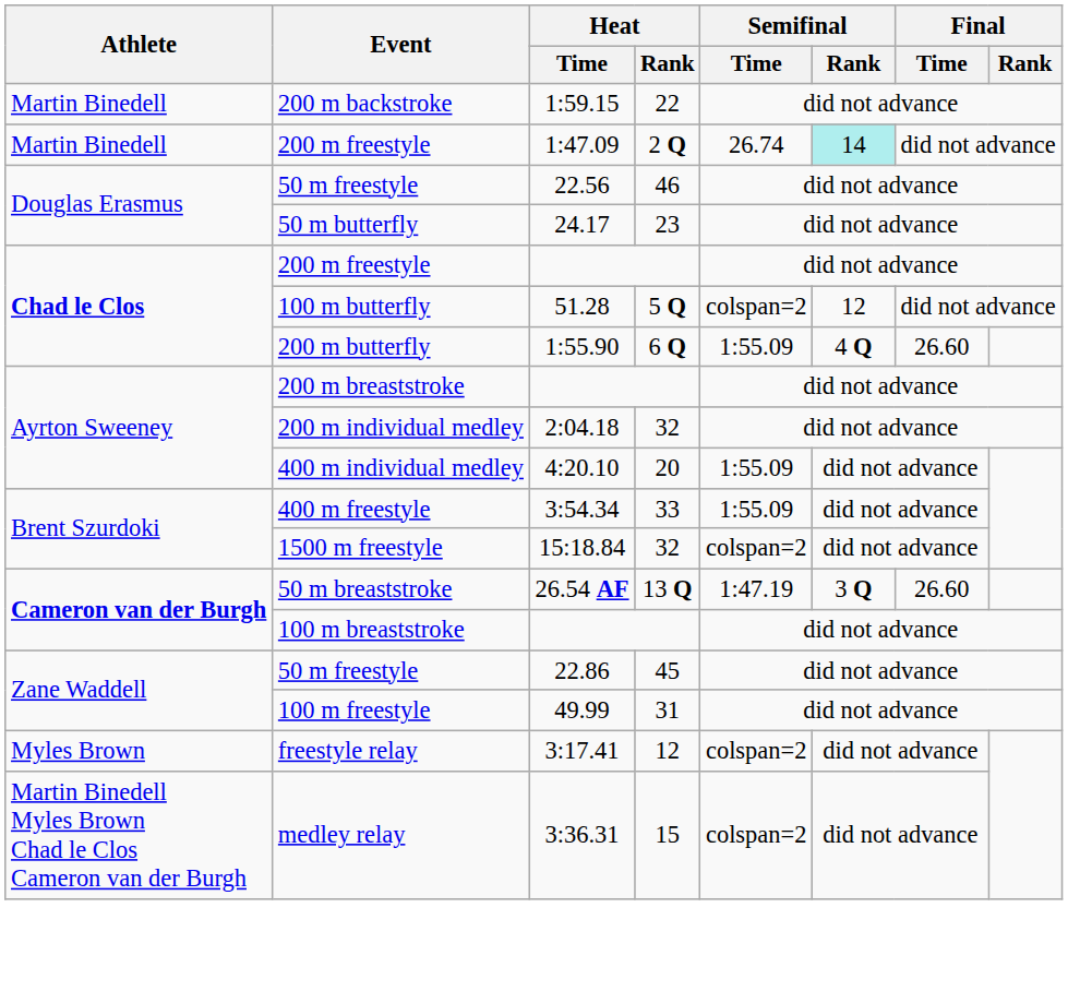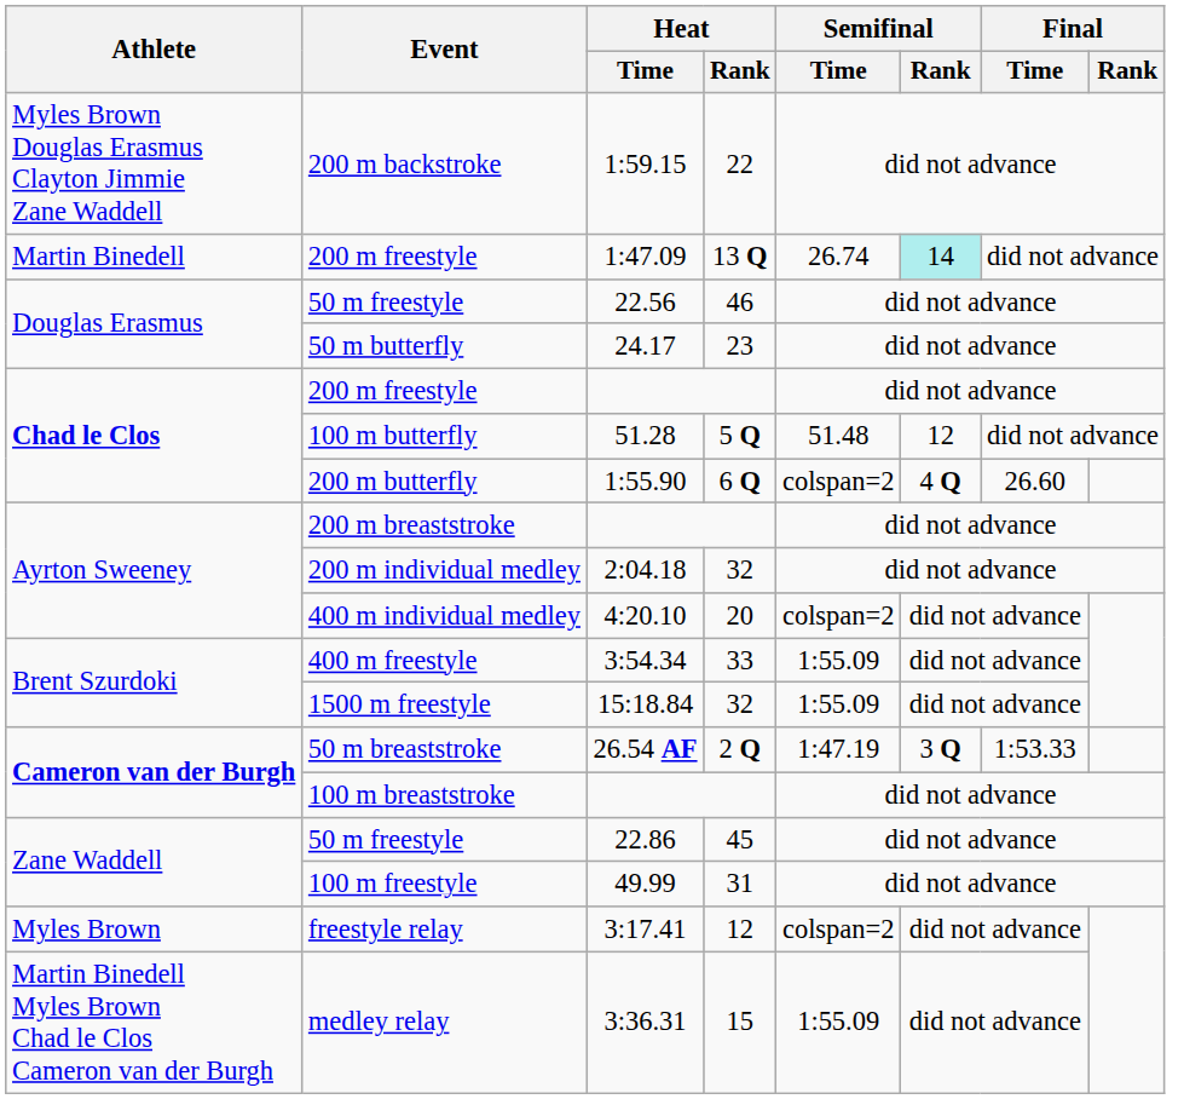 <table class=wikitable style="font-size:90%">
 <tr>
 <th rowspan="2">Athlete</th>
 <th rowspan="2">Event</th>
 <th colspan="2">Heat</th>
 <th colspan="2">Semifinal</th>
 <th colspan="2">Final</th>
 </tr>
 <tr style="font-size:95%">
 <th>Time</th>
 <th>Rank</th>
 <th>Time</th>
 <th>Rank</th>
 <th>Time</th>
 <th>Rank</th>
 </tr>
 <tr align=center>
-<td align=left><a href='#'>Martin Binedell</a></td>
+<td align=left><a href='#'>Myles Brown</a><br><a href='#'>Douglas Erasmus</a><br><a href='#'>Clayton Jimmie</a><br><a href='#'>Zane Waddell</a></td>
 <td align=left><a href='#'>200 m backstroke</a></td>
 <td>1:59.15</td>
 <td>22</td>
 <td colspan=4>did not advance</td>
 </tr>
 <tr align=center>
 <td align=left><a href='#'>Martin Binedell</a></td>
 <td align=left><a href='#'>200 m freestyle</a></td>
 <td>1:47.09</td>
-<td>2 <strong>Q</strong></td>
+<td>13 <strong>Q</strong></td>
 <td>26.74</td>
 <td style="background: paleturquoise;">14</td>
 <td colspan=2>did not advance</td>
 </tr>
 <tr align=center>
 <td align=left rowspan=2><a href='#'>Douglas Erasmus</a></td>
 <td align=left><a href='#'>50 m freestyle</a></td>
 <td>22.56</td>
 <td>46</td>
 <td colspan=4>did not advance</td>
 </tr>
 <tr align=center>
 <td align=left><a href='#'>50 m butterfly</a></td>
 <td>24.17</td>
 <td>23</td>
 <td colspan=4>did not advance</td>
 </tr>
 <tr align=center>
 <td align=left rowspan=3><strong><a href='#'>Chad le Clos</a></strong></td>
 <td align=left><a href='#'>200 m freestyle</a></td>
 <td colspan=2></td>
 <td colspan=4>did not advance</td>
 </tr>
 <tr align=center>
 <td align=left><a href='#'>100 m butterfly</a></td>
 <td>51.28</td>
 <td>5 <strong>Q</strong></td>
-<td>colspan=2 </td>
+<td>51.48</td>
 <td>12</td>
 <td colspan=2>did not advance</td>
 </tr>
 <tr align=center>
 <td align=left><a href='#'>200 m butterfly</a></td>
 <td>1:55.90</td>
 <td>6 <strong>Q</strong></td>
-<td>1:55.09</td>
+<td>colspan=2 </td>
 <td>4 <strong>Q</strong></td>
 <td>26.60</td>
 <td></td>
 </tr>
 <tr align=center>
 <td align=left rowspan=3><a href='#'>Ayrton Sweeney</a></td>
 <td align=left><a href='#'>200 m breaststroke</a></td>
 <td colspan=2></td>
 <td colspan=4>did not advance</td>
 </tr>
 <tr align=center>
 <td align=left><a href='#'>200 m individual medley</a></td>
 <td>2:04.18</td>
 <td>32</td>
 <td colspan=4>did not advance</td>
 </tr>
 <tr align=center>
 <td align=left><a href='#'>400 m individual medley</a></td>
 <td>4:20.10</td>
 <td>20</td>
-<td>1:55.09</td>
+<td>colspan=2 </td>
 <td colspan=2>did not advance</td>
 </tr>
 <tr align=center>
 <td align=left rowspan=2><a href='#'>Brent Szurdoki</a></td>
 <td align=left><a href='#'>400 m freestyle</a></td>
 <td>3:54.34</td>
 <td>33</td>
 <td>1:55.09</td>
 <td colspan=2>did not advance</td>
 </tr>
 <tr align=center>
 <td align=left><a href='#'>1500 m freestyle</a></td>
 <td>15:18.84</td>
 <td>32</td>
-<td>colspan=2 </td>
+<td>1:55.09</td>
 <td colspan=2>did not advance</td>
 </tr>
 <tr align=center>
 <td align=left rowspan=2><strong><a href='#'>Cameron van der Burgh</a></strong></td>
 <td align=left><a href='#'>50 m breaststroke</a></td>
 <td>26.54 <strong><a href='#'>AF</a></strong></td>
-<td>13 <strong>Q</strong></td>
+<td>2 <strong>Q</strong></td>
 <td>1:47.19</td>
 <td>3 <strong>Q</strong></td>
-<td>26.60</td>
+<td>1:53.33</td>
 <td></td>
 </tr>
 <tr align=center>
 <td align=left><a href='#'>100 m breaststroke</a></td>
 <td colspan=2></td>
 <td colspan=4>did not advance</td>
 </tr>
 <tr align=center>
 <td align=left rowspan=2><a href='#'>Zane Waddell</a></td>
 <td align=left><a href='#'>50 m freestyle</a></td>
 <td>22.86</td>
 <td>45</td>
 <td colspan=4>did not advance</td>
 </tr>
 <tr align=center>
 <td align=left><a href='#'>100 m freestyle</a></td>
 <td>49.99</td>
 <td>31</td>
 <td colspan=4>did not advance</td>
 </tr>
 <tr align=center>
 <td align=left><a href='#'>Myles Brown</a></td>
 <td align=left><a href='#'> freestyle relay</a></td>
 <td>3:17.41</td>
 <td>12</td>
 <td>colspan=2 </td>
 <td colspan=2>did not advance</td>
 </tr>
 <tr align=center>
 <td align=left><a href='#'>Martin Binedell</a><br><a href='#'>Myles Brown</a><br><a href='#'>Chad le Clos</a><br><a href='#'>Cameron van der Burgh</a></td>
 <td align=left><a href='#'> medley relay</a></td>
 <td>3:36.31</td>
 <td>15</td>
-<td>colspan=2 </td>
+<td>1:55.09</td>
 <td colspan=2>did not advance</td>
 </tr>
 </table>
